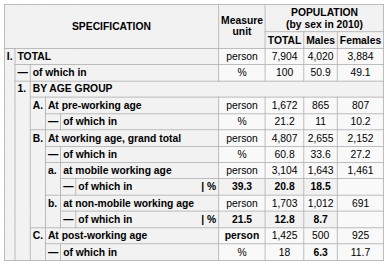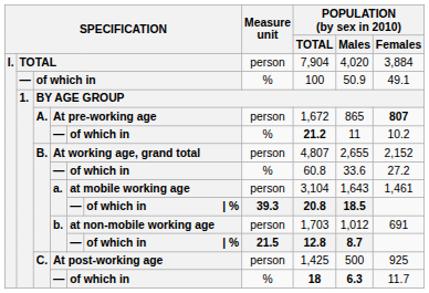 <table class="wikitable" style="font-size:85%; text-align:center">
 <tr>
 <th rowspan="2" colspan="6">SPECIFICATION</th>
 <th rowspan="2">Measure<br> unit</th>
 <th colspan="3" rowspan="1">POPULATION<br> (by sex in 2010)</th>
 </tr>
 <tr>
 <th>TOTAL</th>
 <th>Males</th>
 <th>Females</th>
 </tr>
 <tr>
 <th style="text-align:left" valign="top" rowspan="13">I.</th>
 <th style="text-align:left" colspan="5">TOTAL</th>
 <td>person</td>
 <td>7,904</td>
 <td>4,020</td>
 <td>3,884</td>
 </tr>
 <tr>
 <th style="text-align:left" valign="top">—</th>
 <th style="text-align:left" colspan="4">of which in</th>
 <td>%</td>
 <td>100</td>
 <td>50.9</td>
 <td>49.1</td>
 </tr>
 <tr>
 <th style="text-align:left" valign="top" rowspan="11">1.</th>
 <th style="text-align:left" colspan="19">BY AGE GROUP</th>
 </tr>
 <tr>
 <th style="text-align:left" valign="top" rowspan="2">A.</th>
 <th style="text-align:left" colspan="3">At pre-working age</th>
 <td>person</td>
 <td>1,672</td>
 <td>865</td>
-<td>807</td>
+<td><strong>807</strong></td>
 </tr>
 <tr>
 <th style="text-align:left" valign="top">—</th>
 <th style="text-align:left" valign="top" colspan="2">of which in</th>
 <td>%</td>
-<td>21.2</td>
+<td><strong>21.2</strong></td>
 <td>11</td>
 <td>10.2</td>
 </tr>
 <tr>
 <th style="text-align:left" valign="top" rowspan="6">B.</th>
 <th style="text-align:left" colspan="3">At working age, grand total</th>
 <td>person</td>
 <td>4,807</td>
 <td>2,655</td>
 <td>2,152</td>
 </tr>
 <tr>
 <th style="text-align:left" valign="top">—</th>
 <th style="text-align:left" valign="top" colspan="2">of which in</th>
 <td>%</td>
 <td>60.8</td>
 <td>33.6</td>
 <td>27.2</td>
 </tr>
 <tr>
 <th style="text-align:left" valign="top" rowspan="2">a.</th>
 <th style="text-align:left" colspan="2">at mobile working age</th>
 <td>person</td>
 <td>3,104</td>
 <td>1,643</td>
 <td>1,461</td>
 </tr>
 <tr>
 <th style="text-align:left" valign="top">—</th>
 <th style="text-align:left" valign="top" colspan="1">of which in                        | %</th>
 <th>39.3</th>
 <th>20.8</th>
 <th>18.5</th>
 </tr>
 <tr>
 <th style="text-align:left" valign="top" rowspan="2">b.</th>
 <th style="text-align:left" colspan="2">at non-mobile working age</th>
 <td>person</td>
 <td>1,703</td>
 <td>1,012</td>
 <td>691</td>
 </tr>
 <tr>
 <th style="text-align:left" valign="top">—</th>
 <th style="text-align:left" valign="top" colspan="1">of which in                        | %</th>
 <th>21.5</th>
 <th>12.8</th>
 <th>8.7</th>
 </tr>
 <tr>
 <th style="text-align:left" valign="top" rowspan="2">C.</th>
 <th style="text-align:left" colspan="3">At post-working age</th>
-<td><strong>person</strong></td>
+<td>person</td>
 <td>1,425</td>
 <td>500</td>
 <td>925</td>
 </tr>
 <tr>
 <th style="text-align:left" valign="top">—</th>
 <th style="text-align:left" valign="top" colspan="2">of which in</th>
 <td>%</td>
-<td>18</td>
+<td><strong>18</strong></td>
 <td><strong>6.3</strong></td>
 <td>11.7</td>
 </tr>
 </table>
